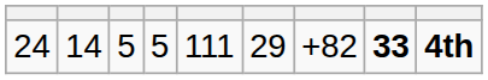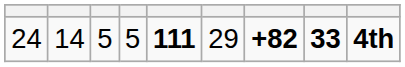 <table class="wikitable">
 <tr>
 <th></th>
 <th></th>
 <th></th>
 <th></th>
 <th></th>
 <th></th>
 <th></th>
 <th></th>
 <th></th>
 </tr>
 <tr>
 <td>24</td>
 <td>14</td>
 <td>5</td>
 <td>5</td>
-<td>111</td>
+<td><strong>111</strong></td>
 <td>29</td>
-<td>+82</td>
+<td><strong>+82</strong></td>
 <td><strong>33</strong></td>
 <td><strong>4th</strong></td>
 </tr>
 </table>
